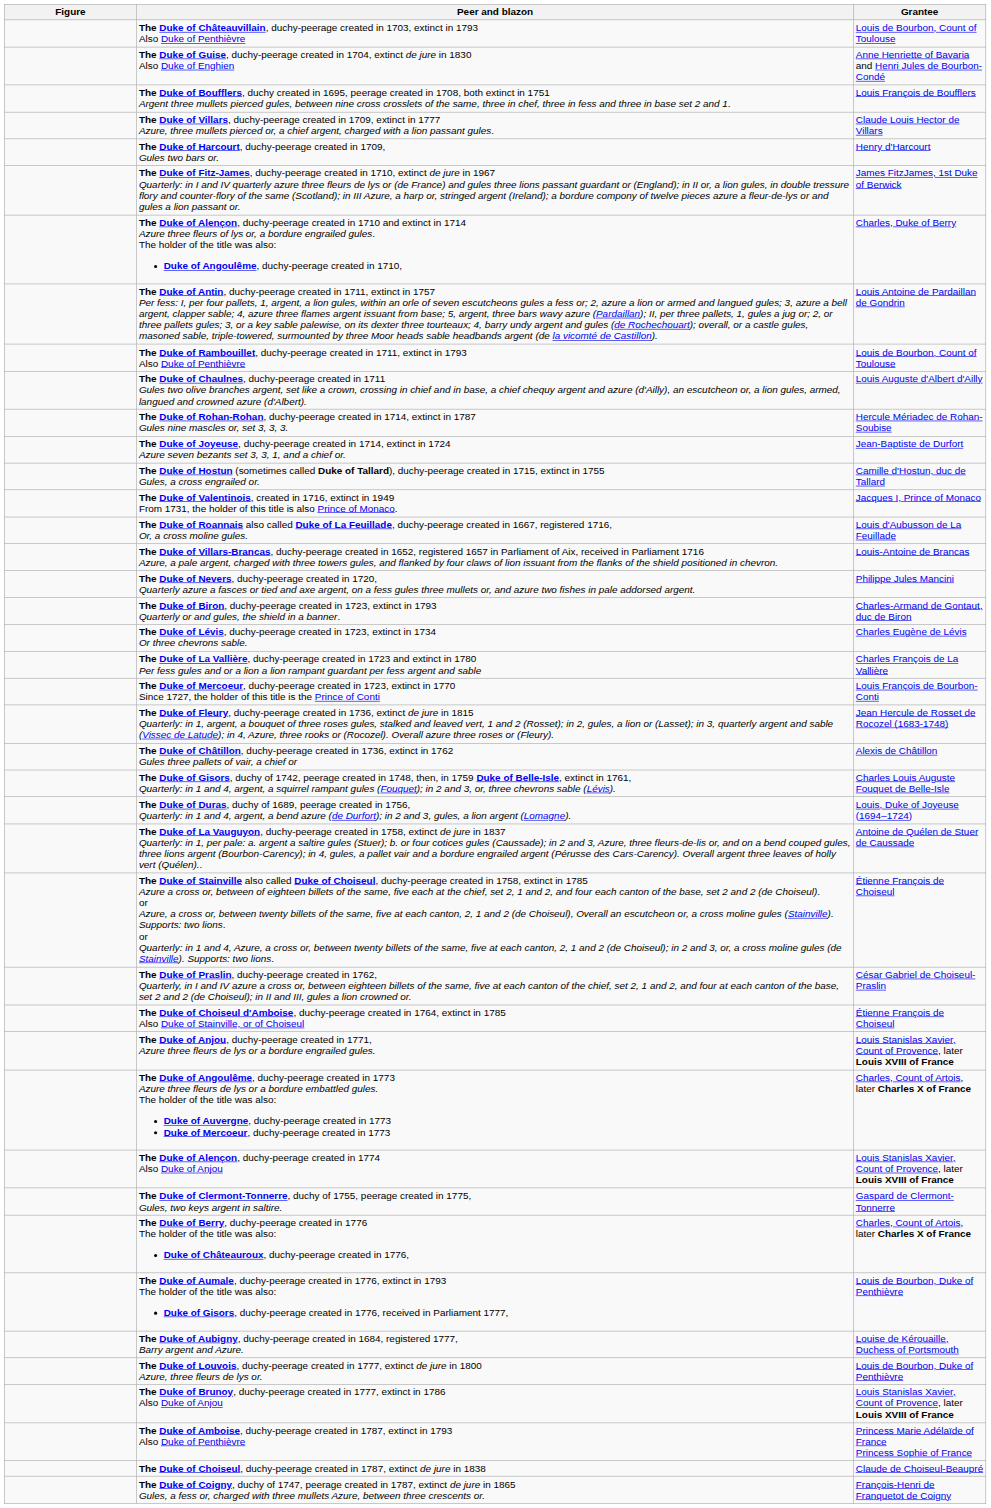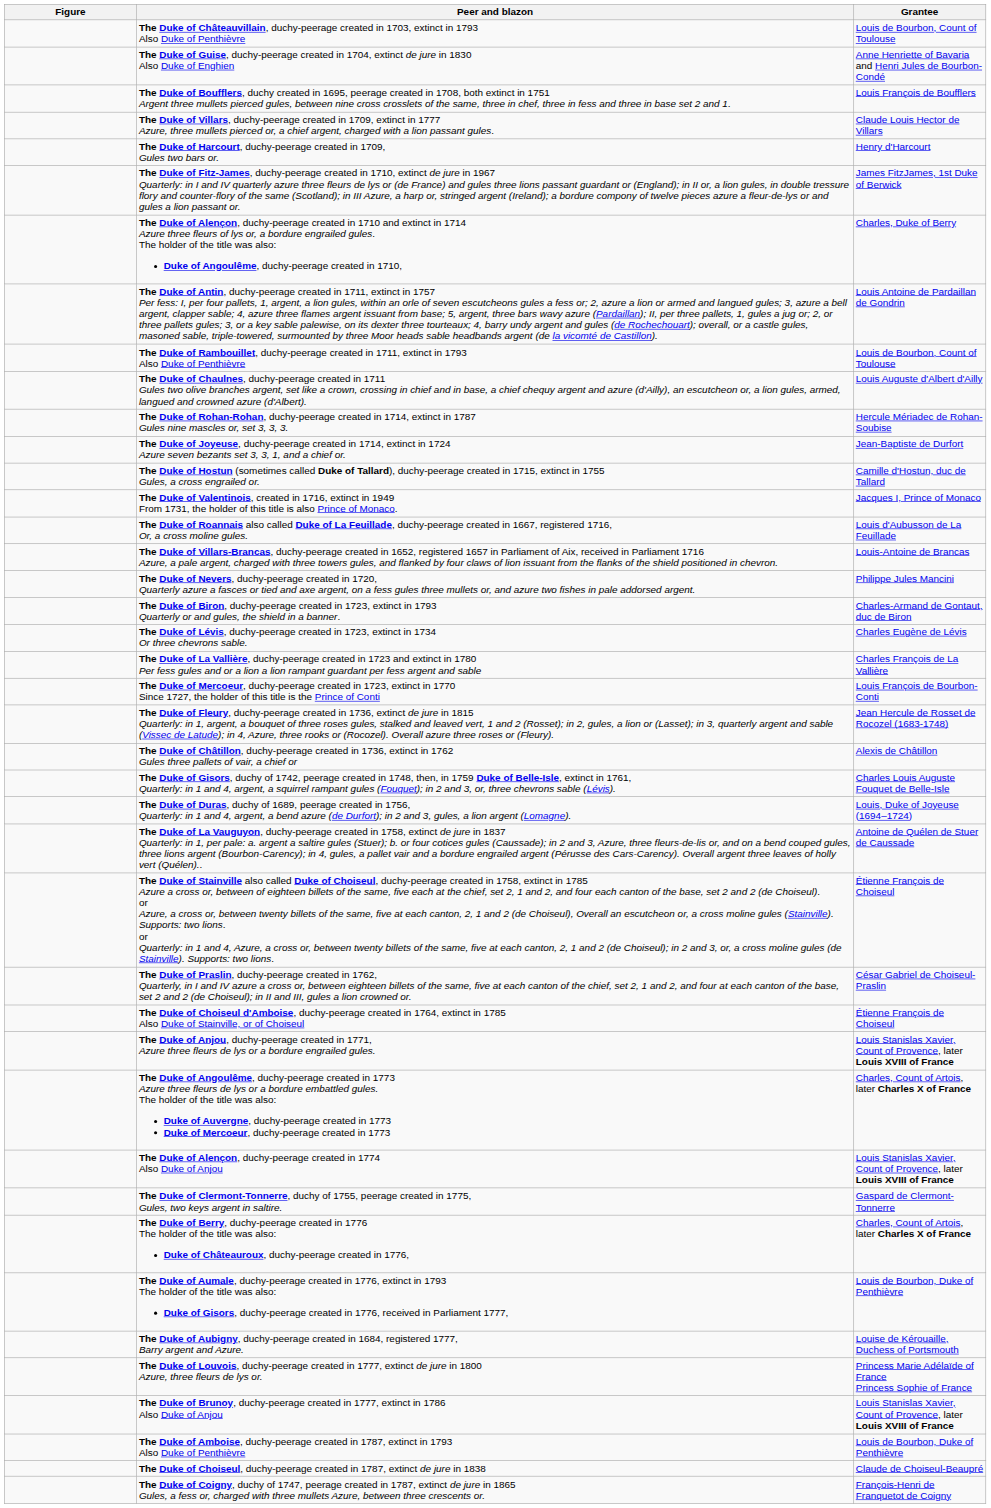 <table class="wikitable" width="100%">
 <tr>
 <th width="206">Figure</th>
 <th>Peer and blazon</th>
 <th width="206">Grantee</th>
 </tr>
 <tr valign="top">
 <td align="center"></td>
 <td><strong>The <a href='#'>Duke of Châteauvillain</a></strong>, duchy-peerage created in 1703, extinct in 1793<br>Also <a href='#'>Duke of Penthièvre</a></td>
 <td><a href='#'>Louis de Bourbon, Count of Toulouse</a></td>
 </tr>
 <tr valign="top">
 <td align="center"><br></td>
 <td><strong>The <a href='#'>Duke of Guise</a></strong>, duchy-peerage created in 1704, extinct <em>de jure</em> in 1830<br>Also <a href='#'>Duke of Enghien</a></td>
 <td><a href='#'>Anne Henriette of Bavaria</a> and <a href='#'>Henri Jules de Bourbon-Condé</a></td>
 </tr>
 <tr valign="top">
 <td align="center"></td>
 <td><strong>The <a href='#'>Duke of Boufflers</a></strong>, duchy created in 1695, peerage created in 1708, both extinct in 1751<br><em>Argent three mullets pierced gules, between nine cross crosslets of the same, three in chef, three in fess and three in base set 2 and 1</em>.</td>
 <td><a href='#'>Louis François de Boufflers</a></td>
 </tr>
 <tr valign="top">
 <td align="center"></td>
 <td><strong>The <a href='#'>Duke of Villars</a></strong>, duchy-peerage created in 1709, extinct in 1777<br><em>Azure, three mullets pierced or, a chief argent, charged with a lion passant gules</em>.</td>
 <td><a href='#'>Claude Louis Hector de Villars</a></td>
 </tr>
 <tr valign="top">
 <td align="center"></td>
 <td><strong>The <a href='#'>Duke of Harcourt</a></strong>, duchy-peerage created in 1709,<br><em>Gules two bars or.</em></td>
 <td><a href='#'>Henry d'Harcourt</a></td>
 </tr>
 <tr valign="top">
 <td align="center"></td>
 <td><strong>The <a href='#'>Duke of Fitz-James</a></strong>, duchy-peerage created in 1710, extinct <em>de jure</em> in 1967<br><em>Quarterly: in I and IV quarterly azure three fleurs de lys or (de France) and gules three lions passant guardant or (England); in II or, a lion gules, in double tressure flory and counter-flory of the same (Scotland); in III Azure, a harp or, stringed argent (Ireland); a bordure compony of twelve pieces azure a fleur-de-lys or and gules a lion passant or.</em></td>
 <td><a href='#'>James FitzJames, 1st Duke of Berwick</a></td>
 </tr>
 <tr valign="top">
 <td align="center"></td>
 <td><strong>The <a href='#'>Duke of Alençon</a></strong>, duchy-peerage created in 1710 and extinct in 1714<br><em>Azure three fleurs of lys or, a bordure engrailed gules</em>.<br>The holder of the title was also:<ul><li><strong><a href='#'>Duke of Angoulême</a></strong>, duchy-peerage created in 1710,</li></ul></td>
 <td><a href='#'>Charles, Duke of Berry</a></td>
 </tr>
 <tr valign="top">
 <td align="center"></td>
 <td><strong>The <a href='#'>Duke of Antin</a></strong>, duchy-peerage created in 1711, extinct in 1757<br><em>Per fess: I, per four pallets, 1, argent, a lion gules, within an orle of seven escutcheons gules a fess or; 2, azure a lion or armed and langued gules; 3, azure a bell argent, clapper sable; 4, azure three flames argent issuant from base; 5, argent, three bars wavy azure (<a href='#'>Pardaillan</a>); II, per three pallets, 1, gules a jug or; 2, or three pallets gules; 3, or a key sable palewise, on its dexter three tourteaux; 4, barry undy argent and gules (<a href='#'>de Rochechouart</a>); overall, or a castle gules, masoned sable, triple-towered, surmounted by three Moor heads sable headbands argent (de <a href='#'>la vicomté de Castillon</a>).</em></td>
 <td><a href='#'>Louis Antoine de Pardaillan de Gondrin</a></td>
 </tr>
 <tr valign="top">
 <td align="center"></td>
 <td><strong>The <a href='#'>Duke of Rambouillet</a></strong>, duchy-peerage created in 1711, extinct in 1793<br>Also <a href='#'>Duke of Penthièvre</a></td>
 <td><a href='#'>Louis de Bourbon, Count of Toulouse</a></td>
 </tr>
 <tr valign="top">
 <td align="center"></td>
 <td><strong>The <a href='#'>Duke of Chaulnes</a></strong>, duchy-peerage created in 1711<br><em>Gules two olive branches argent, set like a crown, crossing in chief and in base, a chief chequy argent and azure (d'Ailly), an escutcheon or, a lion gules, armed, langued and crowned azure (d'Albert).</em></td>
 <td><a href='#'>Louis Auguste d'Albert d'Ailly</a></td>
 </tr>
 <tr valign="top">
 <td align="center"></td>
 <td><strong>The <a href='#'>Duke of Rohan-Rohan</a></strong>, duchy-peerage created in 1714, extinct in 1787<br><em>Gules nine mascles or, set 3, 3, 3.</em></td>
 <td><a href='#'>Hercule Mériadec de Rohan-Soubise</a></td>
 </tr>
 <tr valign="top">
 <td align="center"></td>
 <td><strong>The <a href='#'>Duke of Joyeuse</a></strong>, duchy-peerage created in 1714, extinct in 1724<br><em>Azure seven bezants set 3, 3, 1, and a chief or.</em></td>
 <td><a href='#'>Jean-Baptiste de Durfort</a></td>
 </tr>
 <tr valign="top">
 <td align="center"></td>
 <td><strong>The <a href='#'>Duke of Hostun</a></strong> (sometimes called <strong>Duke of Tallard</strong>), duchy-peerage created in 1715, extinct in 1755<br><em>Gules, a cross engrailed or.</em></td>
 <td><a href='#'>Camille d'Hostun, duc de Tallard</a></td>
 </tr>
 <tr valign="top">
 <td align="center"></td>
 <td><strong>The <a href='#'>Duke of Valentinois</a></strong>, created in 1716, extinct in 1949<br>From 1731, the holder of this title is also <a href='#'>Prince of Monaco</a>.</td>
 <td><a href='#'>Jacques I, Prince of Monaco</a></td>
 </tr>
 <tr valign="top">
 <td align="center"></td>
 <td><strong>The <a href='#'>Duke of Roannais</a></strong> also called <strong><a href='#'>Duke of La Feuillade</a></strong>, duchy-peerage created in 1667, registered 1716,<br><em>Or, a cross moline gules.</em></td>
 <td><a href='#'>Louis d'Aubusson de La Feuillade</a></td>
 </tr>
 <tr valign="top">
 <td align="center"></td>
 <td><strong>The <a href='#'>Duke of Villars-Brancas</a></strong>, duchy-peerage created in 1652, registered 1657 in Parliament of Aix, received in Parliament 1716<br><em>Azure, a pale argent, charged with three towers gules, and flanked by four claws of lion issuant from the flanks of the shield positioned in chevron.</em></td>
 <td><a href='#'>Louis-Antoine de Brancas</a></td>
 </tr>
 <tr valign="top">
 <td align="center"></td>
 <td><strong>The <a href='#'>Duke of Nevers</a></strong>, duchy-peerage created in 1720,<br><em>Quarterly azure a fasces or tied and axe argent, on a fess gules three mullets or, and azure two fishes in pale addorsed argent.</em></td>
 <td><a href='#'>Philippe Jules Mancini</a></td>
 </tr>
 <tr valign="top">
 <td align="center"></td>
 <td><strong>The <a href='#'>Duke of Biron</a></strong>, duchy-peerage created in 1723, extinct in 1793<br><em>Quarterly or and gules, the shield in a banner</em>.</td>
 <td><a href='#'>Charles-Armand de Gontaut, duc de Biron</a></td>
 </tr>
 <tr valign="top">
 <td align="center"></td>
 <td><strong>The <a href='#'>Duke of Lévis</a></strong>, duchy-peerage created in 1723, extinct in 1734<br><em>Or three chevrons sable.</em></td>
 <td><a href='#'>Charles Eugène de Lévis</a></td>
 </tr>
 <tr valign="top">
 <td align="center"></td>
 <td><strong>The <a href='#'>Duke of La Vallière</a></strong>, duchy-peerage created in 1723 and extinct in 1780<br><em>Per fess gules and or a lion a lion rampant guardant per fess argent and sable</em></td>
 <td><a href='#'>Charles François de La Vallière</a></td>
 </tr>
 <tr valign="top">
 <td align="center"></td>
 <td><strong>The <a href='#'>Duke of Mercoeur</a></strong>, duchy-peerage created in 1723, extinct in 1770<br>Since 1727, the holder of this title is the <a href='#'>Prince of Conti</a></td>
 <td><a href='#'>Louis François de Bourbon-Conti</a></td>
 </tr>
 <tr valign="top">
 <td align="center"></td>
 <td><strong>The <a href='#'>Duke of Fleury</a></strong>, duchy-peerage created in 1736, extinct <em>de jure</em> in 1815<br><em>Quarterly: in 1, argent, a bouquet of three roses gules, stalked and leaved vert, 1 and 2 (Rosset); in 2, gules, a lion or (Lasset); in 3, quarterly argent and sable (<a href='#'>Vissec de Latude</a>); in 4, Azure, three rooks or (Rocozel). Overall azure three roses or (Fleury).</em></td>
 <td><a href='#'>Jean Hercule de Rosset de Rocozel (1683-1748)</a></td>
 </tr>
 <tr valign="top">
 <td align="center"></td>
 <td><strong>The <a href='#'>Duke of Châtillon</a></strong>, duchy-peerage created in 1736, extinct in 1762<br><em>Gules three pallets of vair, a chief or</em></td>
 <td><a href='#'>Alexis de Châtillon</a></td>
 </tr>
 <tr valign="top">
 <td align="center"></td>
 <td><strong>The <a href='#'>Duke of Gisors</a></strong>, duchy of 1742, peerage created in 1748, then, in 1759 <strong><a href='#'>Duke of Belle-Isle</a></strong>, extinct in 1761,<br><em>Quarterly: in 1 and 4, argent, a squirrel rampant gules (<a href='#'>Fouquet</a>); in 2 and 3, or, three chevrons sable (<a href='#'>Lévis</a>). </em></td>
 <td><a href='#'>Charles Louis Auguste Fouquet de Belle-Isle</a></td>
 </tr>
 <tr valign="top">
 <td align="center"></td>
 <td><strong>The <a href='#'>Duke of Duras</a></strong>, duchy of 1689, peerage created in 1756,<br><em>Quarterly: in 1 and 4, argent, a bend azure (<a href='#'>de Durfort</a>); in 2 and 3, gules, a lion argent (<a href='#'>Lomagne</a>).</em></td>
 <td><a href='#'>Louis, Duke of Joyeuse (1694–1724)</a></td>
 </tr>
 <tr valign="top">
 <td align="center"></td>
 <td><strong>The <a href='#'>Duke of La Vauguyon</a></strong>, duchy-peerage created in 1758, extinct <em>de jure</em> in 1837<br><em>Quarterly: in 1, per pale: a. argent a saltire gules (Stuer); b. or four cotices gules (Caussade); in 2 and 3, Azure, three fleurs-de-lis or, and on a bend couped gules, three lions argent (Bourbon-Carency); in 4, gules, a pallet vair and a bordure engrailed argent (Pérusse des Cars-Carency). Overall argent three leaves of holly vert (Quélen).</em>.</td>
 <td><a href='#'>Antoine de Quélen de Stuer de Caussade</a></td>
 </tr>
 <tr valign="top">
 <td align="center"><br> <br></td>
 <td><strong>The <a href='#'>Duke of Stainville</a></strong> also called <strong><a href='#'>Duke of Choiseul</a></strong>, duchy-peerage created in 1758, extinct in 1785<br><em>Azure a cross or, between of eighteen billets of the same, five each at the chief, set 2, 1 and 2, and four each canton of the base, set 2 and 2 (de Choiseul)</em>.<br>or<br><em>Azure, a cross or, between twenty billets of the same, five at each canton, 2, 1 and 2 (de Choiseul), Overall an escutcheon or, a cross moline gules (<a href='#'>Stainville</a>). Supports: two lions</em>.<br>or<br><em>Quarterly: in 1 and 4, Azure, a cross or, between twenty billets of the same, five at each canton, 2, 1 and 2 (de Choiseul); in 2 and 3, or, a cross moline gules (de <a href='#'>Stainville</a>). Supports: two lions</em>.</td>
 <td><a href='#'>Étienne François de Choiseul</a></td>
 </tr>
 <tr valign="top">
 <td align="center"></td>
 <td><strong>The <a href='#'>Duke of Praslin</a></strong>, duchy-peerage created in 1762,<br><em>Quarterly, in I and IV azure a cross or, between eighteen billets of the same, five at each canton of the chief, set 2, 1 and 2, and four at each canton of the base, set 2 and 2 (de Choiseul); in II and III, gules a lion crowned or.</em></td>
 <td><a href='#'>César Gabriel de Choiseul-Praslin</a></td>
 </tr>
 <tr valign="top">
 <td align="center"></td>
 <td><strong>The <a href='#'>Duke of Choiseul d'Amboise</a></strong>, duchy-peerage created in 1764, extinct in 1785<br>Also <a href='#'>Duke of Stainville, or of Choiseul</a></td>
 <td><a href='#'>Étienne François de Choiseul</a></td>
 </tr>
 <tr valign="top">
 <td align="center"></td>
 <td><strong>The <a href='#'>Duke of Anjou</a></strong>, duchy-peerage created in 1771,<br><em>Azure three fleurs de lys or a bordure engrailed gules.</em></td>
 <td><a href='#'>Louis Stanislas Xavier, Count of Provence</a>, later <strong>Louis XVIII of France</strong></td>
 </tr>
 <tr valign="top">
 <td align="center"></td>
 <td><strong>The <a href='#'>Duke of Angoulême</a></strong>, duchy-peerage created in 1773<br><em>Azure three fleurs de lys or a bordure embattled gules.</em><br>The holder of the title was also:<ul><li><strong><a href='#'>Duke of Auvergne</a></strong>, duchy-peerage created in 1773</li><li><strong><a href='#'>Duke of Mercoeur</a></strong>, duchy-peerage created in 1773</li></ul></td>
 <td><a href='#'>Charles, Count of Artois</a>, later <strong>Charles X of France</strong></td>
 </tr>
 <tr valign="top">
 <td align="center"></td>
 <td><strong>The <a href='#'>Duke of Alençon</a></strong>, duchy-peerage created in 1774<br>Also <a href='#'>Duke of Anjou</a></td>
 <td><a href='#'>Louis Stanislas Xavier, Count of Provence</a>, later <strong>Louis XVIII of France</strong></td>
 </tr>
 <tr valign="top">
 <td align="center"></td>
 <td><strong>The <a href='#'>Duke of Clermont-Tonnerre</a></strong>, duchy of 1755, peerage created in 1775,<br><em>Gules, two keys argent in saltire.</em></td>
 <td><a href='#'>Gaspard de Clermont-Tonnerre</a></td>
 </tr>
 <tr valign="top">
 <td align="center"></td>
 <td><strong>The <a href='#'>Duke of Berry</a></strong>, duchy-peerage created in 1776<br>The holder of the title was also:<ul><li><strong><a href='#'>Duke of Châteauroux</a></strong>, duchy-peerage created in 1776,</li></ul></td>
 <td><a href='#'>Charles, Count of Artois</a>, later <strong>Charles X of France</strong></td>
 </tr>
 <tr valign="top">
 <td align="center"></td>
 <td><strong>The <a href='#'>Duke of Aumale</a></strong>, duchy-peerage created in 1776, extinct in 1793<br>The holder of the title was also:<ul><li><strong><a href='#'>Duke of Gisors</a></strong>, duchy-peerage created in 1776, received in Parliament 1777,</li></ul></td>
 <td><a href='#'>Louis de Bourbon, Duke of Penthièvre</a></td>
 </tr>
 <tr valign="top">
 <td align="center"></td>
 <td><strong>The <a href='#'>Duke of Aubigny</a></strong>, duchy-peerage created in 1684, registered 1777,<br><em>Barry argent and Azure.</em></td>
 <td><a href='#'>Louise de Kérouaille, Duchess of Portsmouth</a></td>
 </tr>
 <tr valign="top">
 <td align="center"></td>
 <td><strong>The <a href='#'>Duke of Louvois</a></strong>, duchy-peerage created in 1777, extinct <em>de jure</em> in 1800<br><em>Azure, three fleurs de lys or.</em></td>
-<td><a href='#'>Louis de Bourbon, Duke of Penthièvre</a></td>
+<td><a href='#'>Princess Marie Adélaïde of France</a><br><a href='#'>Princess Sophie of France</a></td>
 </tr>
 <tr valign="top">
 <td align="center"></td>
 <td><strong>The <a href='#'>Duke of Brunoy</a></strong>, duchy-peerage created in 1777, extinct in 1786<br>Also <a href='#'>Duke of Anjou</a></td>
 <td><a href='#'>Louis Stanislas Xavier, Count of Provence</a>, later <strong>Louis XVIII of France</strong></td>
 </tr>
 <tr valign="top">
 <td align="center"></td>
 <td><strong>The <a href='#'>Duke of Amboise</a></strong>, duchy-peerage created in 1787, extinct in 1793<br>Also <a href='#'>Duke of Penthièvre</a></td>
-<td><a href='#'>Princess Marie Adélaïde of France</a><br><a href='#'>Princess Sophie of France</a></td>
+<td><a href='#'>Louis de Bourbon, Duke of Penthièvre</a></td>
 </tr>
 <tr valign="top">
 <td align="center"></td>
 <td><strong>The <a href='#'>Duke of Choiseul</a></strong>, duchy-peerage created in 1787, extinct <em>de jure</em> in 1838</td>
 <td><a href='#'>Claude de Choiseul-Beaupré</a></td>
 </tr>
 <tr valign="top">
 <td align="center"></td>
 <td><strong>The <a href='#'>Duke of Coigny</a></strong>, duchy of 1747, peerage created in 1787, extinct <em>de jure</em> in 1865<br><em>Gules, a fess or, charged with three mullets Azure, between three crescents or.</em></td>
 <td><a href='#'>François-Henri de Franquetot de Coigny</a></td>
 </tr>
 </table>
